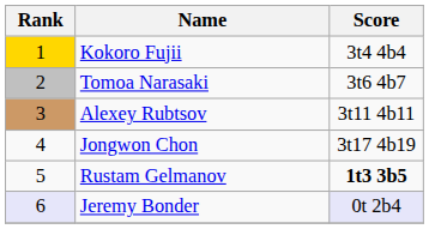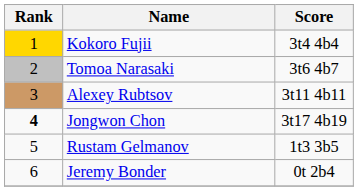 <table class="wikitable">
 <tr>
 <th width = "50">Rank</th>
 <th width = "200">Name</th>
 <th width = "70">Score</th>
 </tr>
 <tr>
 <td align="center" style="background: gold">1</td>
 <td> <a href='#'>Kokoro Fujii</a></td>
 <td align="center">3t4 4b4</td>
 </tr>
 <tr>
 <td align="center" style="background: silver">2</td>
 <td> <a href='#'>Tomoa Narasaki</a></td>
 <td align="center">3t6 4b7</td>
 </tr>
 <tr>
 <td align="center" style="background: #cc9966">3</td>
 <td> <a href='#'>Alexey Rubtsov</a></td>
 <td align="center">3t11 4b11</td>
 </tr>
 <tr>
-<td align="center">4</td>
+<td align="center"><strong>4</strong></td>
 <td> <a href='#'>Jongwon Chon</a></td>
 <td align="center">3t17 4b19</td>
 </tr>
 <tr>
 <td align="center">5</td>
 <td> <a href='#'>Rustam Gelmanov</a></td>
-<td align="center"><strong>1t3 3b5</strong></td>
+<td align="center">1t3 3b5</td>
 </tr>
 <tr>
-<td align="center" style="background: lavender;">6</td>
+<td align="center">6</td>
 <td> <a href='#'>Jeremy Bonder</a></td>
-<td align="center" style="background: lavender;">0t 2b4</td>
+<td align="center">0t 2b4</td>
 </tr>
 <tr>
 </tr>
 </table>
